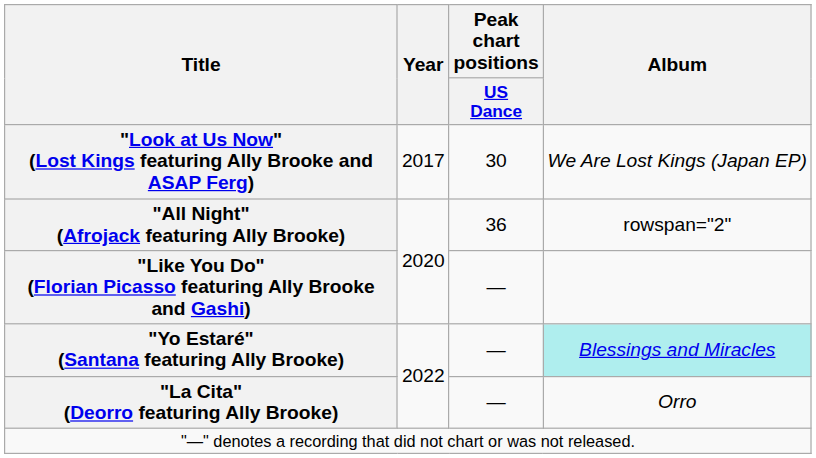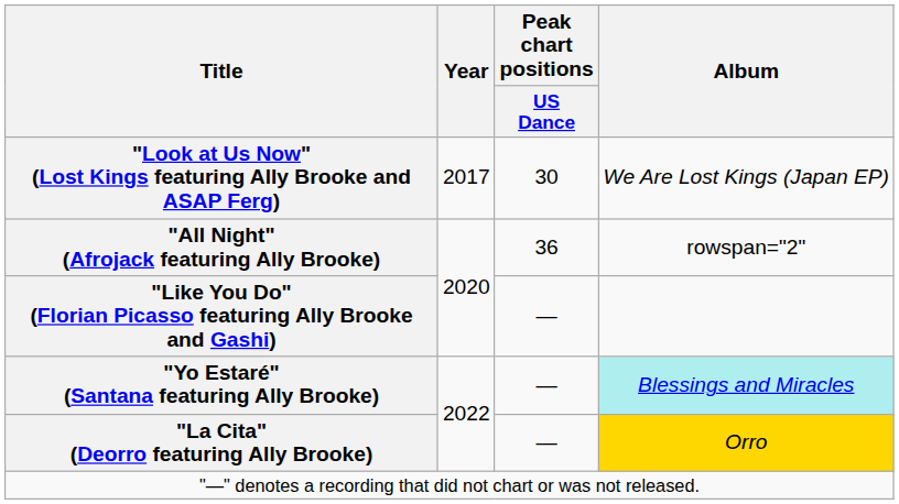 <table class="wikitable plainrowheaders" border="1" style="text-align:center;">
 <tr>
 <th rowspan="2" scope="col" style="width:20em;">Title</th>
 <th rowspan="2" scope="col">Year</th>
 <th scope="col">Peak chart positions</th>
 <th rowspan="2">Album</th>
 </tr>
 <tr>
 <th scope="col" style="width:3em;font-size:90%;"><a href='#'>US<br>Dance</a><br></th>
 </tr>
 <tr>
 <th scope="row">"<a href='#'>Look at Us Now</a>"<br><span>(<a href='#'>Lost Kings</a> featuring Ally Brooke and <a href='#'>ASAP Ferg</a>)</span></th>
 <td>2017</td>
 <td>30</td>
 <td><em>We Are Lost Kings (Japan EP)</em></td>
 </tr>
 <tr>
 <th scope="row">"All Night"<br><span>(<a href='#'>Afrojack</a> featuring Ally Brooke)</span></th>
 <td rowspan="2">2020</td>
 <td>36</td>
 <td>rowspan="2" </td>
 </tr>
 <tr>
 <th scope="row">"Like You Do"<br><span>(<a href='#'>Florian Picasso</a> featuring Ally Brooke and <a href='#'>Gashi</a>)</span></th>
 <td>—</td>
 </tr>
 <tr>
 <th scope="row">"Yo Estaré"<br><span>(<a href='#'>Santana</a> featuring Ally Brooke)</span></th>
 <td rowspan="2">2022</td>
 <td>—</td>
 <td style="background: paleturquoise;"><em><a href='#'>Blessings and Miracles</a></em></td>
 </tr>
 <tr>
 <th scope="row">"La Cita"<br><span>(<a href='#'>Deorro</a> featuring Ally Brooke)</span></th>
 <td>—</td>
-<td><em>Orro</em></td>
+<td style="background: gold;"><em>Orro</em></td>
 </tr>
 <tr>
 <td colspan="4" style="font-size:85%">"—" denotes a recording that did not chart or was not released.</td>
 </tr>
 </table>
